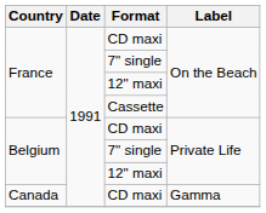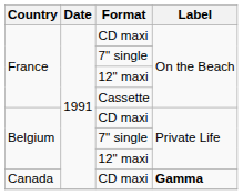 <table class=wikitable>
 <tr>
 <th>Country</th>
 <th>Date</th>
 <th>Format</th>
 <th>Label</th>
 </tr>
 <tr>
 <td rowspan="4">France</td>
 <td rowspan="8">1991</td>
 <td>CD maxi</td>
 <td rowspan="4">On the Beach</td>
 </tr>
 <tr>
 <td>7" single</td>
 </tr>
 <tr>
 <td>12" maxi</td>
 </tr>
 <tr>
 <td>Cassette</td>
 </tr>
 <tr>
 <td rowspan="3">Belgium</td>
 <td>CD maxi</td>
 <td rowspan="3">Private Life</td>
 </tr>
 <tr>
 <td>7" single</td>
 </tr>
 <tr>
 <td>12" maxi</td>
 </tr>
 <tr>
 <td>Canada</td>
 <td>CD maxi</td>
-<td>Gamma</td>
+<td><strong>Gamma</strong></td>
 </tr>
 <tr>
 </tr>
 </table>
